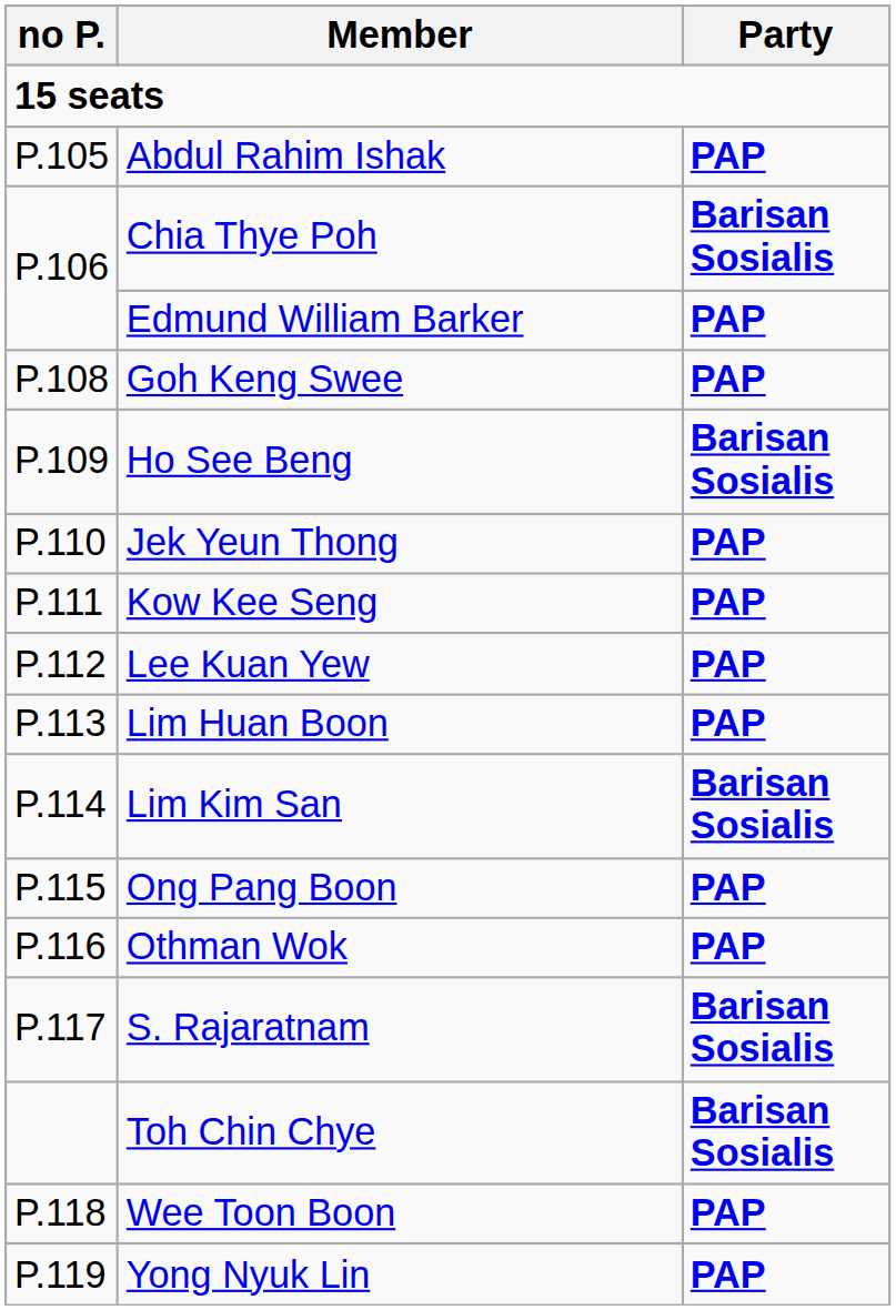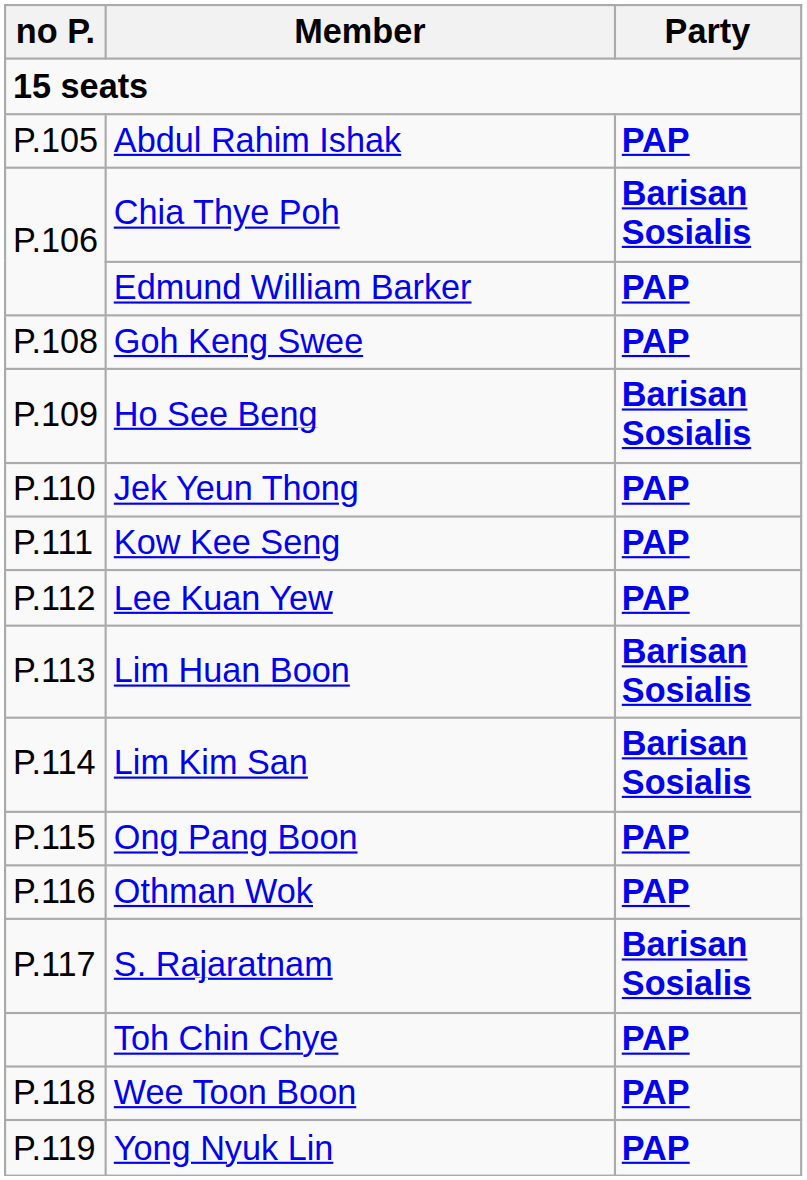 <table class="wikitable sortable">
 <tr>
 <th rowspan="1">no P.</th>
 <th style="width:230px;">Member</th>
 <th style="width:80px;">Party</th>
 </tr>
 <tr>
 <td colspan="3"><strong>15 seats</strong></td>
 </tr>
 <tr>
 <td>P.105</td>
 <td><a href='#'>Abdul Rahim Ishak</a> <br> </td>
 <td><strong><a href='#'>PAP</a></strong></td>
 </tr>
 <tr>
 <td rowspan=2>P.106</td>
 <td><a href='#'>Chia Thye Poh</a><br></td>
 <td><strong><a href='#'>Barisan Sosialis</a></strong></td>
 </tr>
 <tr>
 <td><a href='#'>Edmund William Barker</a> <br> </td>
 <td><strong><a href='#'>PAP</a></strong></td>
 </tr>
 <tr>
 <td>P.108</td>
 <td><a href='#'>Goh Keng Swee</a><br></td>
 <td><strong><a href='#'>PAP</a></strong></td>
 </tr>
 <tr>
 <td>P.109</td>
 <td><a href='#'>Ho See Beng</a><br></td>
 <td><strong><a href='#'>Barisan Sosialis</a></strong></td>
 </tr>
 <tr>
 <td>P.110</td>
 <td><a href='#'>Jek Yeun Thong</a><br></td>
 <td><strong><a href='#'>PAP</a></strong></td>
 </tr>
 <tr>
 <td>P.111</td>
 <td><a href='#'>Kow Kee Seng</a><br></td>
 <td><strong><a href='#'>PAP</a></strong></td>
 </tr>
 <tr>
 <td>P.112</td>
 <td><a href='#'>Lee Kuan Yew</a><br></td>
 <td><strong><a href='#'>PAP</a></strong></td>
 </tr>
 <tr>
 <td>P.113</td>
 <td><a href='#'>Lim Huan Boon</a><br></td>
-<td><strong><a href='#'>PAP</a></strong></td>
+<td><strong><a href='#'>Barisan Sosialis</a></strong></td>
 </tr>
 <tr>
 <td>P.114</td>
 <td><a href='#'>Lim Kim San</a><br></td>
 <td><strong><a href='#'>Barisan Sosialis</a></strong></td>
 </tr>
 <tr>
 <td>P.115</td>
 <td><a href='#'>Ong Pang Boon</a><br></td>
 <td><strong><a href='#'>PAP</a></strong></td>
 </tr>
 <tr>
 <td>P.116</td>
 <td><a href='#'>Othman Wok</a><br></td>
 <td><strong><a href='#'>PAP</a></strong></td>
 </tr>
 <tr>
 <td>P.117</td>
 <td><a href='#'>S. Rajaratnam</a><br></td>
 <td><strong><a href='#'>Barisan Sosialis</a></strong></td>
 </tr>
 <tr>
 <td></td>
 <td><a href='#'>Toh Chin Chye</a><br></td>
-<td><strong><a href='#'>Barisan Sosialis</a></strong></td>
+<td><strong><a href='#'>PAP</a></strong></td>
 </tr>
 <tr>
 <td>P.118</td>
 <td><a href='#'>Wee Toon Boon</a><br></td>
 <td><strong><a href='#'>PAP</a></strong></td>
 </tr>
 <tr>
 <td>P.119</td>
 <td><a href='#'>Yong Nyuk Lin</a><br></td>
 <td><strong><a href='#'>PAP</a></strong></td>
 </tr>
 </table>
